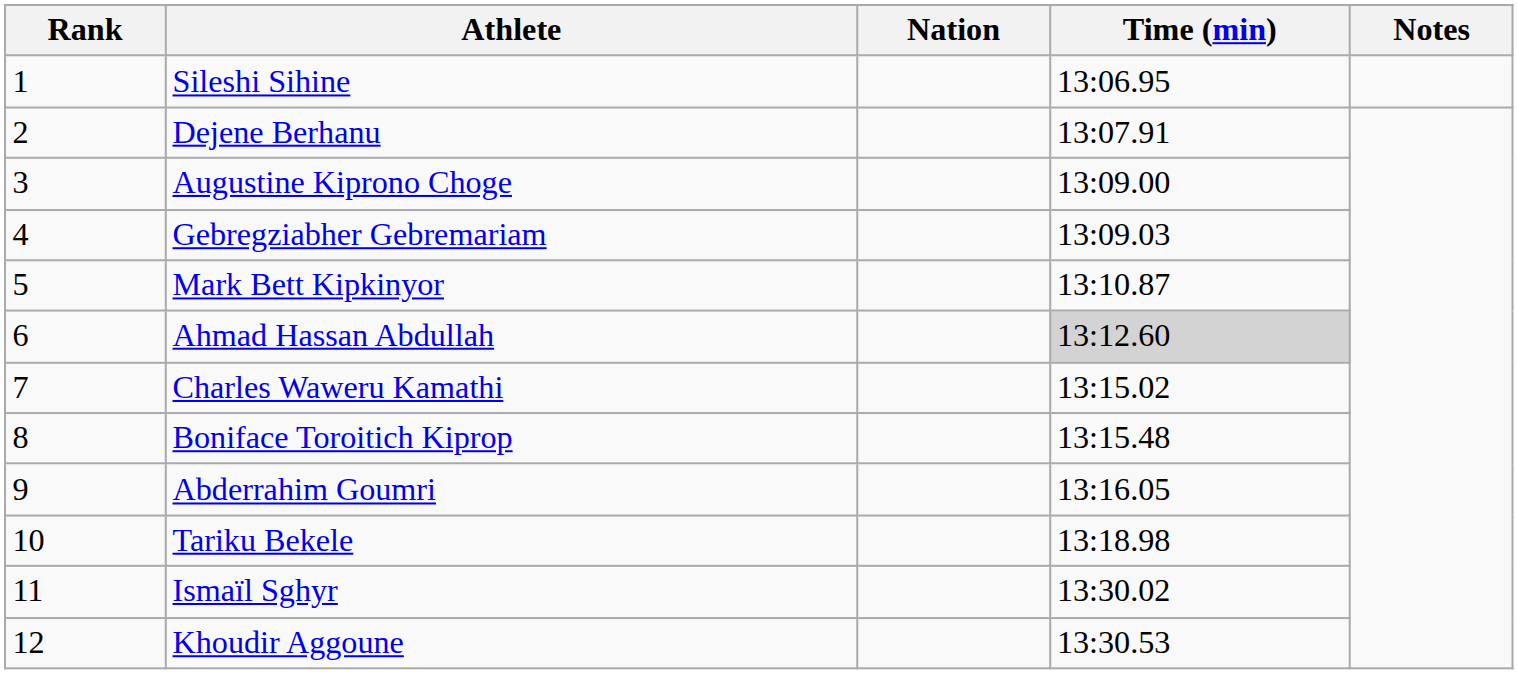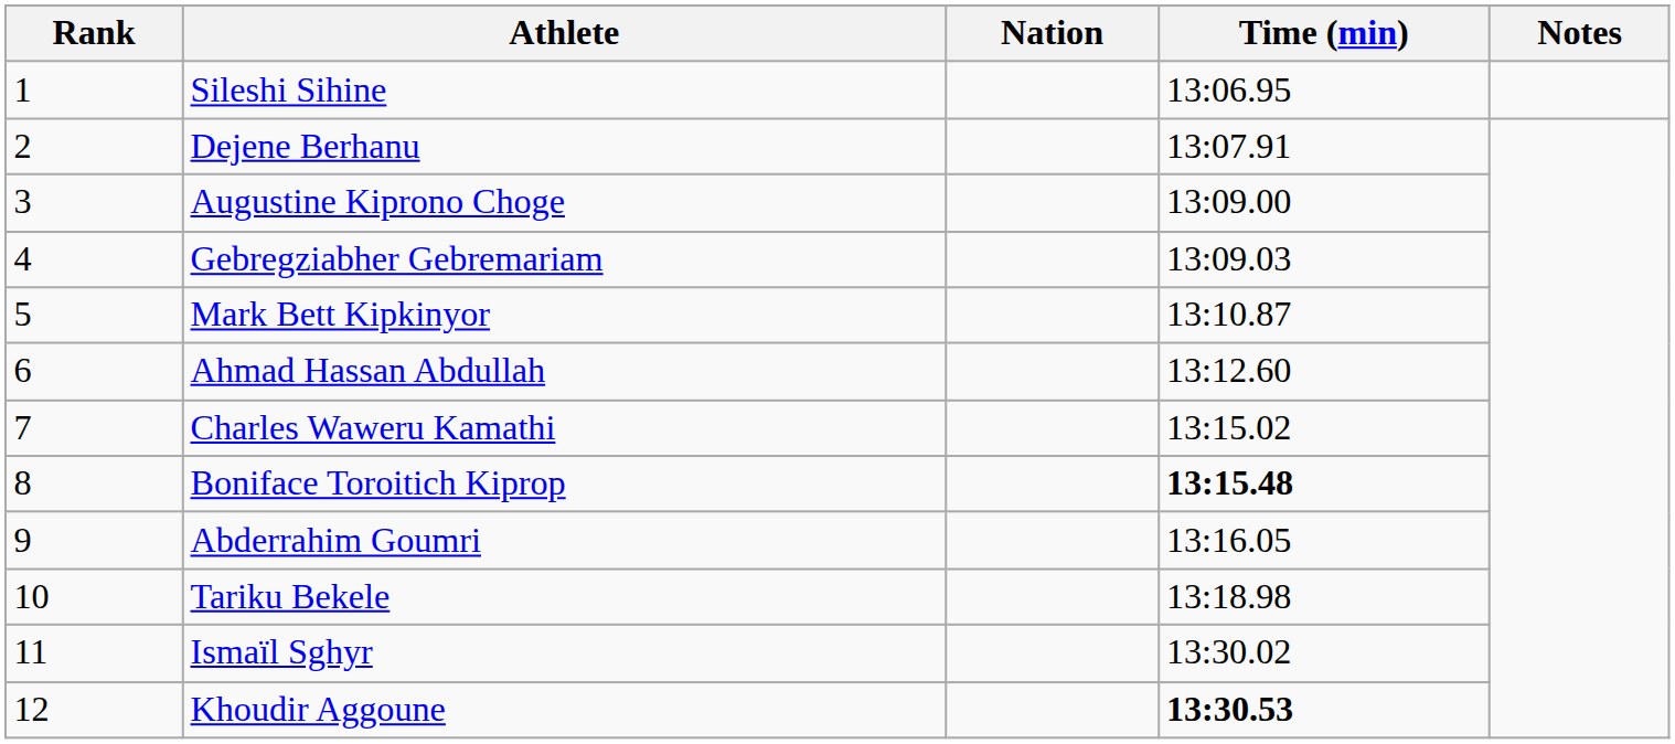 <table class="wikitable" width=85%>
 <tr>
 </tr>
 <tr>
 <th>Rank</th>
 <th>Athlete</th>
 <th>Nation</th>
 <th>Time (<a href='#'>min</a>)</th>
 <th>Notes</th>
 </tr>
 <tr>
 <td>1</td>
 <td><a href='#'>Sileshi Sihine</a></td>
 <td></td>
 <td>13:06.95</td>
 <td></td>
 </tr>
 <tr>
 <td>2</td>
 <td><a href='#'>Dejene Berhanu</a></td>
 <td></td>
 <td>13:07.91</td>
 </tr>
 <tr>
 <td>3</td>
 <td><a href='#'>Augustine Kiprono Choge</a></td>
 <td></td>
 <td>13:09.00</td>
 </tr>
 <tr>
 <td>4</td>
 <td><a href='#'>Gebregziabher Gebremariam</a></td>
 <td></td>
 <td>13:09.03</td>
 </tr>
 <tr>
 <td>5</td>
 <td><a href='#'>Mark Bett Kipkinyor</a></td>
 <td></td>
 <td>13:10.87</td>
 </tr>
 <tr>
 <td>6</td>
 <td><a href='#'>Ahmad Hassan Abdullah</a></td>
 <td></td>
-<td style="background: lightgrey;">13:12.60</td>
+<td>13:12.60</td>
 </tr>
 <tr>
 <td>7</td>
 <td><a href='#'>Charles Waweru Kamathi</a></td>
 <td></td>
 <td>13:15.02</td>
 </tr>
 <tr>
 <td>8</td>
 <td><a href='#'>Boniface Toroitich Kiprop</a></td>
 <td></td>
-<td>13:15.48</td>
+<td><strong>13:15.48</strong></td>
 </tr>
 <tr>
 <td>9</td>
 <td><a href='#'>Abderrahim Goumri</a></td>
 <td></td>
 <td>13:16.05</td>
 </tr>
 <tr>
 <td>10</td>
 <td><a href='#'>Tariku Bekele</a></td>
 <td></td>
 <td>13:18.98</td>
 </tr>
 <tr>
 <td>11</td>
 <td><a href='#'>Ismaïl Sghyr</a></td>
 <td></td>
 <td>13:30.02</td>
 </tr>
 <tr>
 <td>12</td>
 <td><a href='#'>Khoudir Aggoune</a></td>
 <td></td>
-<td>13:30.53</td>
+<td><strong>13:30.53</strong></td>
 </tr>
 </table>
